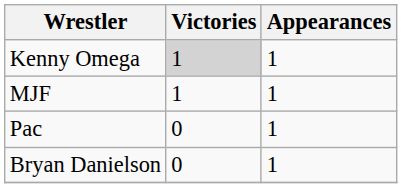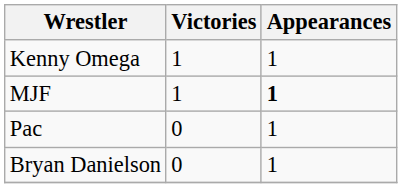 <table class="wikitable sortable">
 <tr>
 <th>Wrestler</th>
 <th>Victories</th>
 <th>Appearances</th>
 </tr>
 <tr>
 <td>Kenny Omega</td>
-<td style="background: lightgrey;">1</td>
+<td>1</td>
 <td>1</td>
 </tr>
 <tr>
 <td>MJF</td>
 <td>1</td>
-<td>1</td>
+<td><strong>1</strong></td>
 </tr>
 <tr>
 <td>Pac</td>
 <td>0</td>
 <td>1</td>
 </tr>
 <tr>
 <td>Bryan Danielson</td>
 <td>0</td>
 <td>1</td>
 </tr>
 <tr>
 </tr>
 </table>
